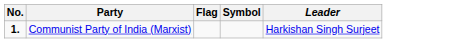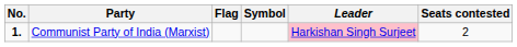 <table class="wikitable">
 <tr>
 <th>No.</th>
 <th>Party</th>
 <th><strong>Flag</strong></th>
 <th>Symbol</th>
 <th><em>Leader</em></th>
+<th>Seats contested</th>
 </tr>
 <tr>
 <td ! style="text-align:center; background:"><strong>1.</strong></td>
 <td style="text-align:center"><a href='#'>Communist Party of India (Marxist)</a></td>
 <td></td>
 <td></td>
-<td style="text-align:center"><a href='#'>Harkishan Singh Surjeet</a></td>
+<td style="background: pink; text-align:center"><a href='#'>Harkishan Singh Surjeet</a></td>
+<td style="text-align:center">2</td>
 </tr>
 </table>
